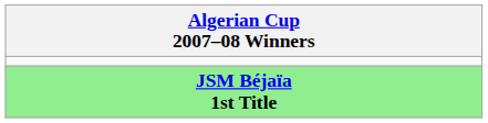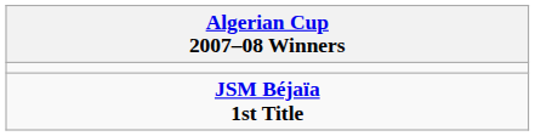 <table class="wikitable" style="text-align: center; margin: 0 auto; width: 20%">
 <tr>
 <th><a href='#'>Algerian Cup</a><br>2007–08 Winners</th>
 </tr>
 <tr>
 <td></td>
 </tr>
 <tr>
-<td style="background: lightgreen;"><strong><a href='#'>JSM Béjaïa</a></strong><br><strong>1st Title</strong></td>
+<td><strong><a href='#'>JSM Béjaïa</a></strong><br><strong>1st Title</strong></td>
 </tr>
 </table>
